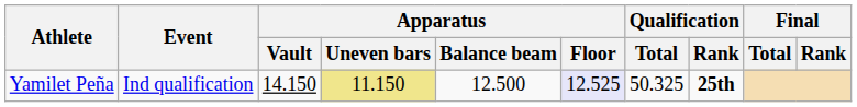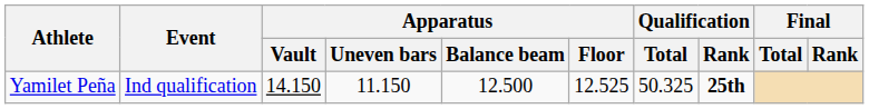 <table class="wikitable" style="font-size:90%">
 <tr>
 <th rowspan="2">Athlete</th>
 <th rowspan="2">Event</th>
 <th colspan = "4">Apparatus</th>
 <th colspan = "2">Qualification</th>
 <th colspan = "2">Final</th>
 </tr>
 <tr>
 <th>Vault</th>
 <th>Uneven bars</th>
 <th>Balance beam</th>
 <th>Floor</th>
 <th>Total</th>
 <th>Rank</th>
 <th>Total</th>
 <th>Rank</th>
 </tr>
 <tr>
 <td><a href='#'>Yamilet Peña</a></td>
 <td><a href='#'>Ind qualification</a></td>
 <td align=center><u>14.150</u></td>
-<td align=center style="background: khaki;">11.150</td>
+<td align=center>11.150</td>
 <td align=center>12.500</td>
-<td align=center style="background: lavender;">12.525</td>
+<td align=center>12.525</td>
 <td align=center>50.325</td>
 <td align=center><strong>25th</strong></td>
 <td align=center colspan=2 bgcolor=wheat></td>
 </tr>
 </table>
